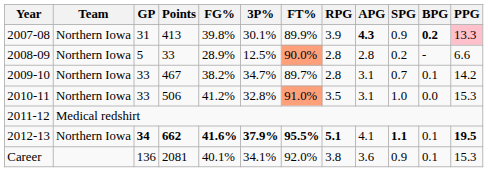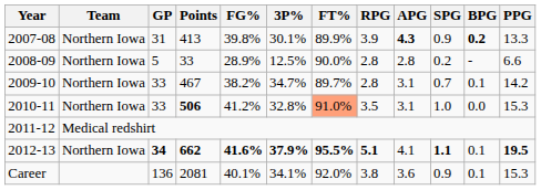 <table class="wikitable">
 <tr>
 <th>Year</th>
 <th>Team</th>
 <th>GP</th>
 <th>Points</th>
 <th>FG%</th>
 <th>3P%</th>
 <th>FT%</th>
 <th>RPG</th>
 <th>APG</th>
 <th>SPG</th>
 <th>BPG</th>
 <th>PPG</th>
 </tr>
 <tr>
 <td>2007-08</td>
 <td>Northern Iowa</td>
 <td>31</td>
 <td>413</td>
 <td>39.8%</td>
 <td>30.1%</td>
 <td>89.9%</td>
 <td>3.9</td>
 <td><strong>4.3</strong></td>
 <td>0.9</td>
 <td><strong>0.2</strong></td>
-<td style="background: pink;">13.3</td>
+<td>13.3</td>
 </tr>
 <tr>
 <td>2008-09</td>
 <td>Northern Iowa</td>
 <td>5</td>
 <td>33</td>
 <td>28.9%</td>
 <td>12.5%</td>
-<td style="background: lightsalmon;">90.0%</td>
+<td>90.0%</td>
 <td>2.8</td>
 <td>2.8</td>
 <td>0.2</td>
 <td>-</td>
 <td>6.6</td>
 </tr>
 <tr>
 <td>2009-10</td>
 <td>Northern Iowa</td>
 <td>33</td>
 <td>467</td>
 <td>38.2%</td>
 <td>34.7%</td>
 <td>89.7%</td>
 <td>2.8</td>
 <td>3.1</td>
 <td>0.7</td>
 <td>0.1</td>
 <td>14.2</td>
 </tr>
 <tr>
 <td>2010-11</td>
 <td>Northern Iowa</td>
 <td>33</td>
-<td>506</td>
+<td><strong>506</strong></td>
 <td>41.2%</td>
 <td>32.8%</td>
 <td style="background: lightsalmon;">91.0%</td>
 <td>3.5</td>
 <td>3.1</td>
 <td>1.0</td>
 <td>0.0</td>
 <td>15.3</td>
 </tr>
 <tr>
 <td>2011-12</td>
 <td colspan="11">Medical redshirt</td>
 </tr>
 <tr>
 <td>2012-13</td>
 <td>Northern Iowa</td>
 <td><strong>34</strong></td>
 <td><strong>662</strong></td>
 <td><strong>41.6%</strong></td>
 <td><strong>37.9%</strong></td>
 <td><strong>95.5%</strong></td>
 <td><strong>5.1</strong></td>
 <td>4.1</td>
 <td><strong>1.1</strong></td>
 <td>0.1</td>
 <td><strong>19.5</strong></td>
 </tr>
 <tr>
 <td>Career</td>
 <td></td>
 <td>136</td>
 <td>2081</td>
 <td>40.1%</td>
 <td>34.1%</td>
 <td>92.0%</td>
 <td>3.8</td>
 <td>3.6</td>
 <td>0.9</td>
 <td>0.1</td>
 <td>15.3</td>
 </tr>
 </table>
